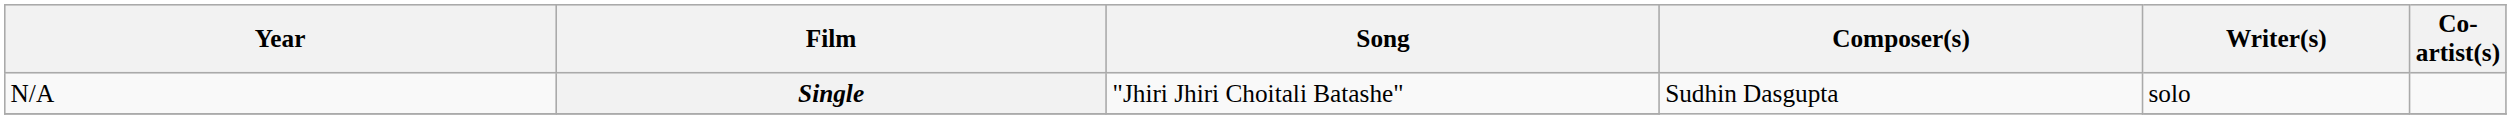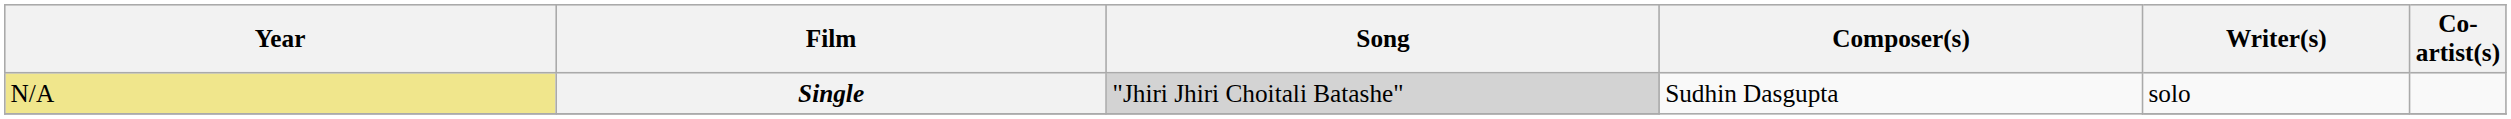 <table class="wikitable plainrowheaders" width="100%" textcolor:#000;">
 <tr style="background:#b0e0e66;">
 <th scope="col" width=23%><strong>Year</strong></th>
 <th scope="col" width=23%><strong>Film</strong></th>
 <th scope="col" width=23%><strong>Song</strong></th>
 <th scope="col" width=20%><strong>Composer(s)</strong></th>
 <th scope="col" width=16%><strong>Writer(s)</strong></th>
 <th scope="col" width=18%><strong>Co-artist(s)</strong></th>
 </tr>
 <tr>
-<td>N/A</td>
+<td style="background: khaki;">N/A</td>
 <th><em>Single</em></th>
-<td>"Jhiri Jhiri Choitali Batashe"</td>
+<td style="background: lightgrey;">"Jhiri Jhiri Choitali Batashe"</td>
 <td rowspan=2>Sudhin Dasgupta</td>
 <td>solo</td>
 <td></td>
 </tr>
 <tr>
 </tr>
 </table>
